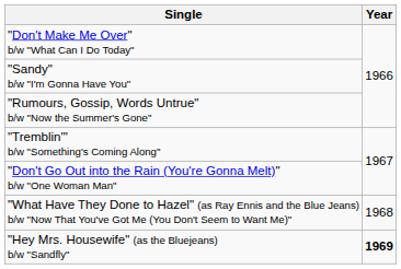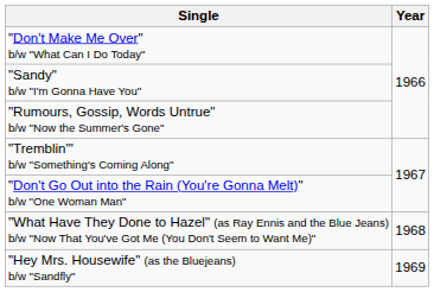 <table class="wikitable">
 <tr>
 <th>Single</th>
 <th>Year</th>
 </tr>
 <tr>
 <td>"<a href='#'>Don't Make Me Over</a>"<br><small>b/w "What Can I Do Today"</small></td>
 <td rowspan="3">1966</td>
 </tr>
 <tr>
 <td>"Sandy"<br><small>b/w "I'm Gonna Have You"</small></td>
 </tr>
 <tr>
 <td>"Rumours, Gossip, Words Untrue"<br><small>b/w "Now the Summer's Gone"</small></td>
 </tr>
 <tr>
 <td>"Tremblin'"<br><small>b/w "Something's Coming Along"</small></td>
 <td rowspan="2">1967</td>
 </tr>
 <tr>
 <td>"<a href='#'>Don't Go Out into the Rain (You're Gonna Melt)</a>"<br><small>b/w "One Woman Man"</small></td>
 </tr>
 <tr>
 <td>"What Have They Done to Hazel" <small>(as Ray Ennis and the Blue Jeans)</small><br><small>b/w "Now That You've Got Me (You Don't Seem to Want Me)"</small></td>
 <td>1968</td>
 </tr>
 <tr>
 <td>"Hey Mrs. Housewife" <small>(as the Bluejeans)</small><br><small>b/w "Sandfly"</small></td>
-<td><strong>1969</strong></td>
+<td>1969</td>
 </tr>
 </table>
